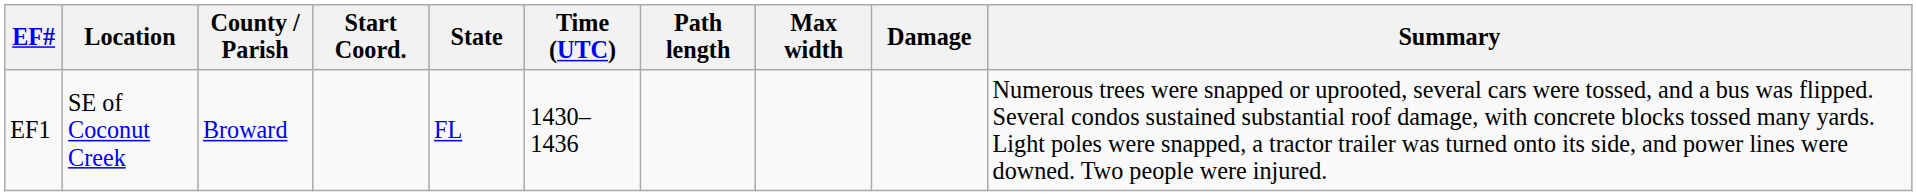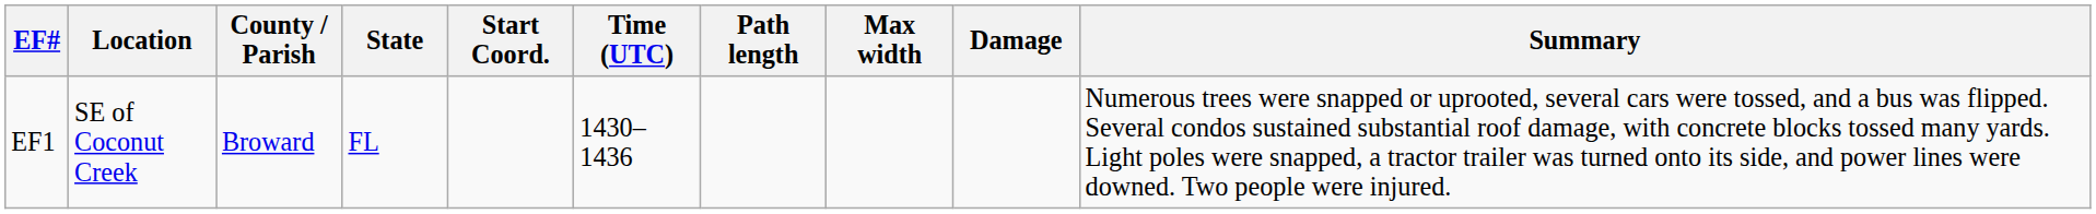 <table class="wikitable sortable" style="width:100%;">
 <tr>
 <th scope="col"  style="width:3%; text-align:center;"><a href='#'>EF#</a></th>
 <th scope="col"  style="width:7%; text-align:center;" class="unsortable">Location</th>
 <th scope="col"  style="width:6%; text-align:center;" class="unsortable">County / Parish</th>
+<th scope="col"  style="width:5%; text-align:center;">State</th>
 <th scope="col"  style="width:6%; text-align:center;">Start Coord.</th>
-<th scope="col"  style="width:5%; text-align:center;">State</th>
 <th scope="col"  style="width:6%; text-align:center;">Time (<a href='#'>UTC</a>)</th>
 <th scope="col"  style="width:6%; text-align:center;">Path length</th>
 <th scope="col"  style="width:6%; text-align:center;">Max width</th>
 <th scope="col"  style="width:6%; text-align:center;">Damage</th>
 <th scope="col" class="unsortable" style="width:48%; text-align:center;">Summary</th>
 </tr>
 <tr>
 <td>EF1</td>
 <td>SE of <a href='#'>Coconut Creek</a></td>
 <td><a href='#'>Broward</a></td>
+<td><a href='#'>FL</a></td>
 <td></td>
-<td><a href='#'>FL</a></td>
 <td>1430–1436</td>
 <td></td>
 <td></td>
 <td></td>
 <td>Numerous trees were snapped or uprooted, several cars were tossed, and a bus was flipped. Several condos sustained substantial roof damage, with concrete blocks tossed many yards. Light poles were snapped, a tractor trailer was turned onto its side, and power lines were downed. Two people were injured.</td>
 </tr>
 </table>
